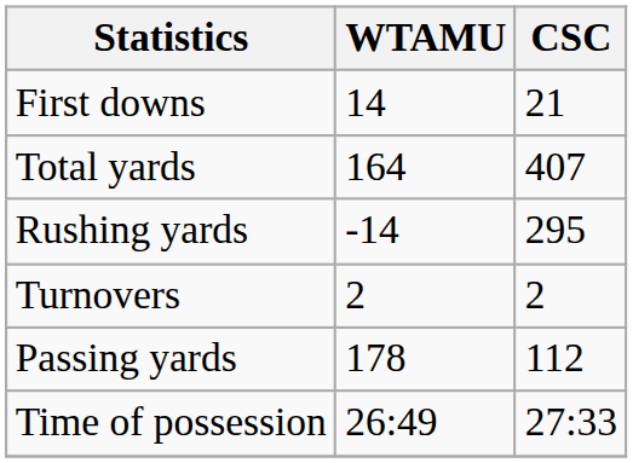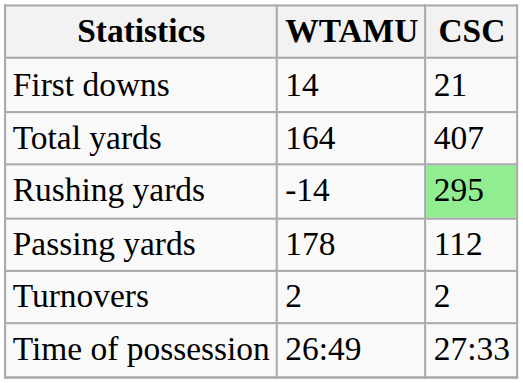 <table class="wikitable" style="float: left;">
 <tr>
 <th>Statistics</th>
 <th>WTAMU</th>
 <th>CSC</th>
 </tr>
 <tr>
 <td>First downs</td>
 <td>14</td>
 <td>21</td>
 </tr>
 <tr>
 <td>Total yards</td>
 <td>164</td>
 <td>407</td>
 </tr>
 <tr>
 <td>Rushing yards</td>
 <td>-14</td>
-<td>295</td>
+<td style="background: lightgreen;">295</td>
+</tr>
+<tr>
+<td>Passing yards</td>
+<td>178</td>
+<td>112</td>
 </tr>
 <tr>
 <td>Turnovers</td>
 <td>2</td>
 <td>2</td>
-</tr>
-<tr>
-<td>Passing yards</td>
-<td>178</td>
-<td>112</td>
 </tr>
 <tr>
 <td>Time of possession</td>
 <td>26:49</td>
 <td>27:33</td>
 </tr>
 <tr>
 </tr>
 </table>
